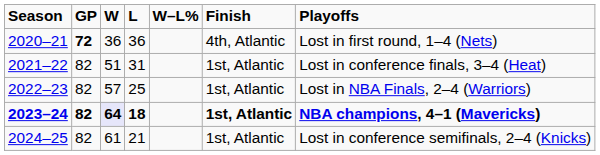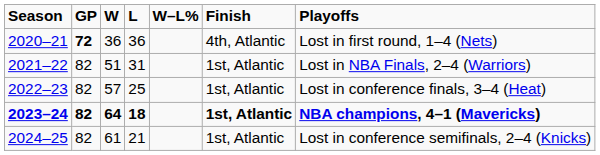 <table class="wikitable">
 <tr style="font-weight:bold; ">
 <td>Season</td>
 <td>GP</td>
 <td>W</td>
 <td>L</td>
 <td>W–L%</td>
 <td>Finish</td>
 <td>Playoffs</td>
 </tr>
 <tr>
 <td><a href='#'>2020–21</a></td>
 <td><strong>72</strong></td>
 <td>36</td>
 <td>36</td>
 <td></td>
 <td>4th, Atlantic</td>
 <td>Lost in first round, 1–4 (<a href='#'>Nets</a>)</td>
 </tr>
 <tr>
 <td><a href='#'>2021–22</a></td>
 <td>82</td>
 <td>51</td>
 <td>31</td>
 <td></td>
 <td>1st, Atlantic</td>
-<td>Lost in conference finals, 3–4 (<a href='#'>Heat</a>)</td>
+<td>Lost in <a href='#'>NBA Finals</a>, 2–4 (<a href='#'>Warriors</a>)</td>
 </tr>
 <tr>
 <td><a href='#'>2022–23</a></td>
 <td>82</td>
 <td>57</td>
 <td>25</td>
 <td></td>
 <td>1st, Atlantic</td>
-<td>Lost in <a href='#'>NBA Finals</a>, 2–4 (<a href='#'>Warriors</a>)</td>
+<td>Lost in conference finals, 3–4 (<a href='#'>Heat</a>)</td>
 </tr>
 <tr style="font-weight:bold;">
 <td><a href='#'>2023–24</a></td>
 <td>82</td>
-<td style="background: lavender;">64</td>
+<td>64</td>
 <td>18</td>
 <td></td>
 <td>1st, Atlantic</td>
 <td><a href='#'>NBA champions</a>, 4–1 (<a href='#'>Mavericks</a>)</td>
 </tr>
 <tr>
 <td><a href='#'>2024–25</a></td>
 <td>82</td>
 <td>61</td>
 <td>21</td>
 <td></td>
 <td>1st, Atlantic</td>
 <td>Lost in conference semifinals, 2–4 (<a href='#'>Knicks</a>)</td>
 </tr>
 </table>
